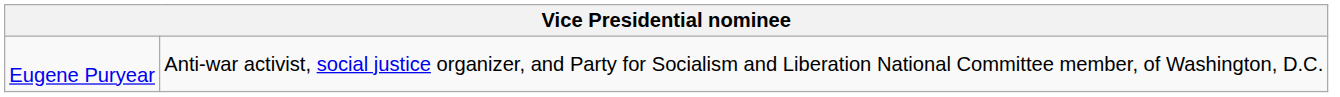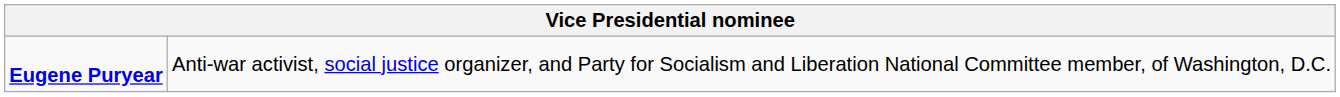 <table class=wikitable>
 <tr>
 <th colspan=3>Vice Presidential nominee</th>
 </tr>
 <tr>
-<td><br><a href='#'>Eugene Puryear</a></td>
+<td><strong><br><a href='#'>Eugene Puryear</a></strong></td>
 <td>Anti-war activist, <a href='#'>social justice</a> organizer, and Party for Socialism and Liberation National Committee member, of Washington, D.C.</td>
 </tr>
 </table>
